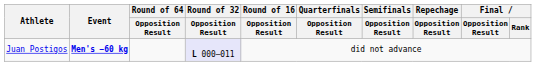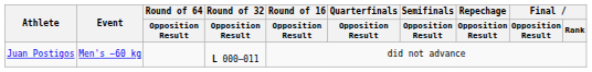 <table class="wikitable" style="font-size:90%">
 <tr>
 <th rowspan="2">Athlete</th>
 <th rowspan="2">Event</th>
 <th>Round of 64</th>
 <th>Round of 32</th>
 <th>Round of 16</th>
 <th>Quarterfinals</th>
 <th>Semifinals</th>
 <th>Repechage</th>
 <th colspan=2>Final / </th>
 </tr>
 <tr style="font-size:95%">
 <th>Opposition<br>Result</th>
 <th>Opposition<br>Result</th>
 <th>Opposition<br>Result</th>
 <th>Opposition<br>Result</th>
 <th>Opposition<br>Result</th>
 <th>Opposition<br>Result</th>
 <th>Opposition<br>Result</th>
 <th>Rank</th>
 </tr>
 <tr align=center>
 <td align=left><a href='#'>Juan Postigos</a></td>
-<td align=left><strong><a href='#'>Men's −60 kg</a></strong></td>
+<td align=left><a href='#'>Men's −60 kg</a></td>
 <td></td>
-<td style="background: lavender;"><br><strong>L</strong> 000–011</td>
+<td><br><strong>L</strong> 000–011</td>
 <td colspan=6>did not advance</td>
 </tr>
 </table>
